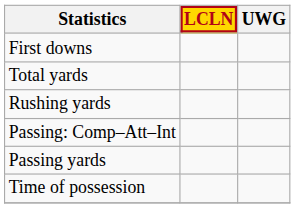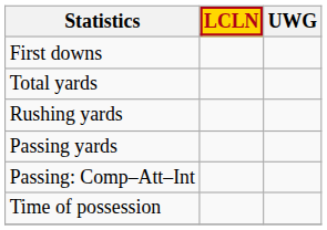 <table class="wikitable" style="float: left;">
 <tr>
 <th>Statistics</th>
 <th style="background-color:gold;color:#B20317;box-shadow: inset 2px 2px 0 #B20317, inset -2px -2px 0 #B20317">LCLN</th>
 <th>UWG</th>
 </tr>
 <tr>
 <td>First downs</td>
 <td></td>
 <td></td>
 </tr>
 <tr>
 <td>Total yards</td>
 <td></td>
 <td></td>
 </tr>
 <tr>
 <td>Rushing yards</td>
 <td></td>
 <td></td>
 </tr>
 <tr>
-<td>Passing: Comp–Att–Int</td>
+<td>Passing yards</td>
 <td></td>
 <td></td>
 </tr>
 <tr>
-<td>Passing yards</td>
+<td>Passing: Comp–Att–Int</td>
 <td></td>
 <td></td>
 </tr>
 <tr>
 <td>Time of possession</td>
 <td></td>
 <td></td>
 </tr>
 <tr>
 </tr>
 </table>
